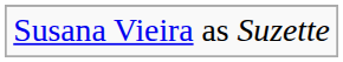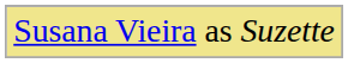 <table class="wikitable sortable">
 <tr bgcolor="#CCCCCC">
 </tr>
 <tr>
-<td><a href='#'>Susana Vieira</a> as <em>Suzette</em></td>
+<td style="background: khaki;"><a href='#'>Susana Vieira</a> as <em>Suzette</em></td>
 </tr>
 </table>
